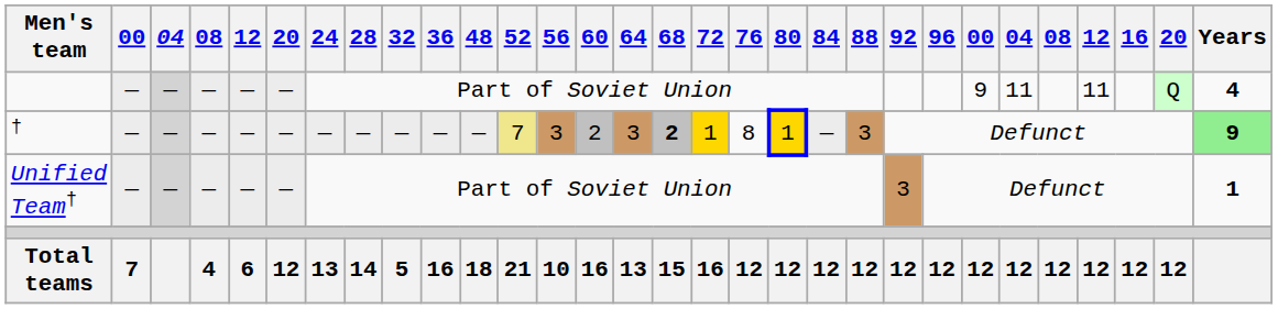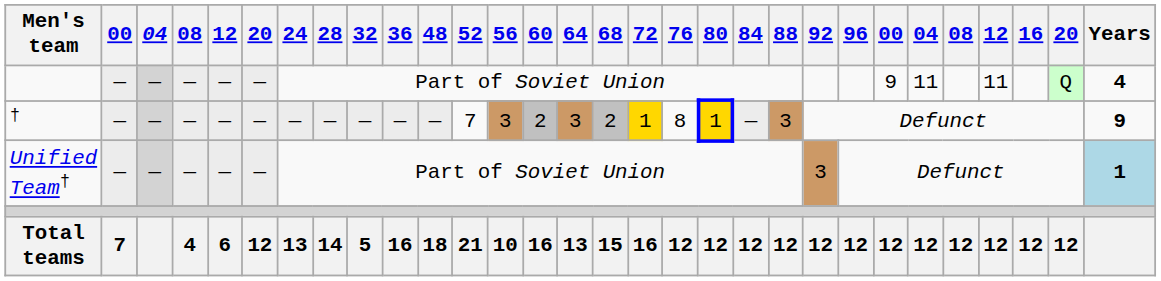 <table class="wikitable" style="text-align: center; font-size: 90%; margin-left: 1em;">
 <tr>
 <th>Men's team</th>
 <th><a href='#'>00</a></th>
 <th><em><a href='#'>04</a></em></th>
 <th><a href='#'>08</a></th>
 <th><a href='#'>12</a></th>
 <th><a href='#'>20</a></th>
 <th><a href='#'>24</a></th>
 <th><a href='#'>28</a></th>
 <th><a href='#'>32</a></th>
 <th><a href='#'>36</a></th>
 <th><a href='#'>48</a></th>
 <th><a href='#'>52</a></th>
 <th><a href='#'>56</a></th>
 <th><a href='#'>60</a></th>
 <th><a href='#'>64</a></th>
 <th><a href='#'>68</a></th>
 <th><a href='#'>72</a></th>
 <th><a href='#'>76</a></th>
 <th><a href='#'>80</a></th>
 <th><a href='#'>84</a></th>
 <th><a href='#'>88</a></th>
 <th><a href='#'>92</a></th>
 <th><a href='#'>96</a></th>
 <th><a href='#'>00</a></th>
 <th><a href='#'>04</a></th>
 <th><a href='#'>08</a></th>
 <th><a href='#'>12</a></th>
 <th><a href='#'>16</a></th>
 <th><a href='#'>20</a></th>
 <th>Years</th>
 </tr>
 <tr>
 <td style="text-align: left;"></td>
 <td style="background-color: #ececec;">—</td>
 <td style="background-color: lightgray;">—</td>
 <td style="background-color: #ececec;">—</td>
 <td style="background-color: #ececec;">—</td>
 <td style="background-color: #ececec;">—</td>
 <td colspan="15">Part of <em>Soviet Union</em></td>
 <td></td>
 <td></td>
 <td>9</td>
 <td>11</td>
 <td></td>
 <td>11</td>
 <td></td>
 <td style="background-color: #ccffcc;">Q</td>
 <td><strong>4</strong></td>
 </tr>
 <tr>
 <td style="text-align: left;"><em></em><sup>†</sup></td>
 <td style="background-color: #ececec;">—</td>
 <td style="background-color: lightgray;">—</td>
 <td style="background-color: #ececec;">—</td>
 <td style="background-color: #ececec;">—</td>
 <td style="background-color: #ececec;">—</td>
 <td style="background-color: #ececec;">—</td>
 <td style="background-color: #ececec;">—</td>
 <td style="background-color: #ececec;">—</td>
 <td style="background-color: #ececec;">—</td>
 <td style="background-color: #ececec;">—</td>
-<td style="background: khaki;">7</td>
+<td>7</td>
 <td style="background-color: #cc9966;">3</td>
 <td style="background-color: silver;">2</td>
 <td style="background-color: #cc9966;">3</td>
-<td style="background-color: silver;"><strong>2</strong></td>
+<td style="background-color: silver;">2</td>
 <td style="background-color: gold;">1</td>
 <td>8</td>
 <td style="border: 2px solid blue; background-color: gold;">1</td>
 <td style="background-color: #ececec;">—</td>
 <td style="background-color: #cc9966;">3</td>
 <td colspan="8"><em>Defunct</em></td>
-<td style="background: lightgreen;"><strong>9</strong></td>
+<td><strong>9</strong></td>
 </tr>
 <tr>
 <td style="text-align: left;"><em> <a href='#'>Unified Team</a></em><sup>†</sup></td>
 <td style="background-color: #ececec;">—</td>
 <td style="background-color: lightgray;">—</td>
 <td style="background-color: #ececec;">—</td>
 <td style="background-color: #ececec;">—</td>
 <td style="background-color: #ececec;">—</td>
 <td colspan="15">Part of <em>Soviet Union</em></td>
 <td style="background-color: #cc9966;">3</td>
 <td colspan="7"><em>Defunct</em></td>
-<td><strong>1</strong></td>
+<td style="background: lightblue;"><strong>1</strong></td>
 </tr>
 <tr style="background-color: lightgrey;">
 <td colspan="30"></td>
 </tr>
 <tr>
 <th>Total teams</th>
 <th>7</th>
 <th></th>
 <th>4</th>
 <th>6</th>
 <th>12</th>
 <th>13</th>
 <th>14</th>
 <th>5</th>
 <th>16</th>
 <th>18</th>
 <th>21</th>
 <th>10</th>
 <th>16</th>
 <th>13</th>
 <th>15</th>
 <th>16</th>
 <th>12</th>
 <th>12</th>
 <th>12</th>
 <th>12</th>
 <th>12</th>
 <th>12</th>
 <th>12</th>
 <th>12</th>
 <th>12</th>
 <th>12</th>
 <th>12</th>
 <th>12</th>
 <th></th>
 </tr>
 </table>
